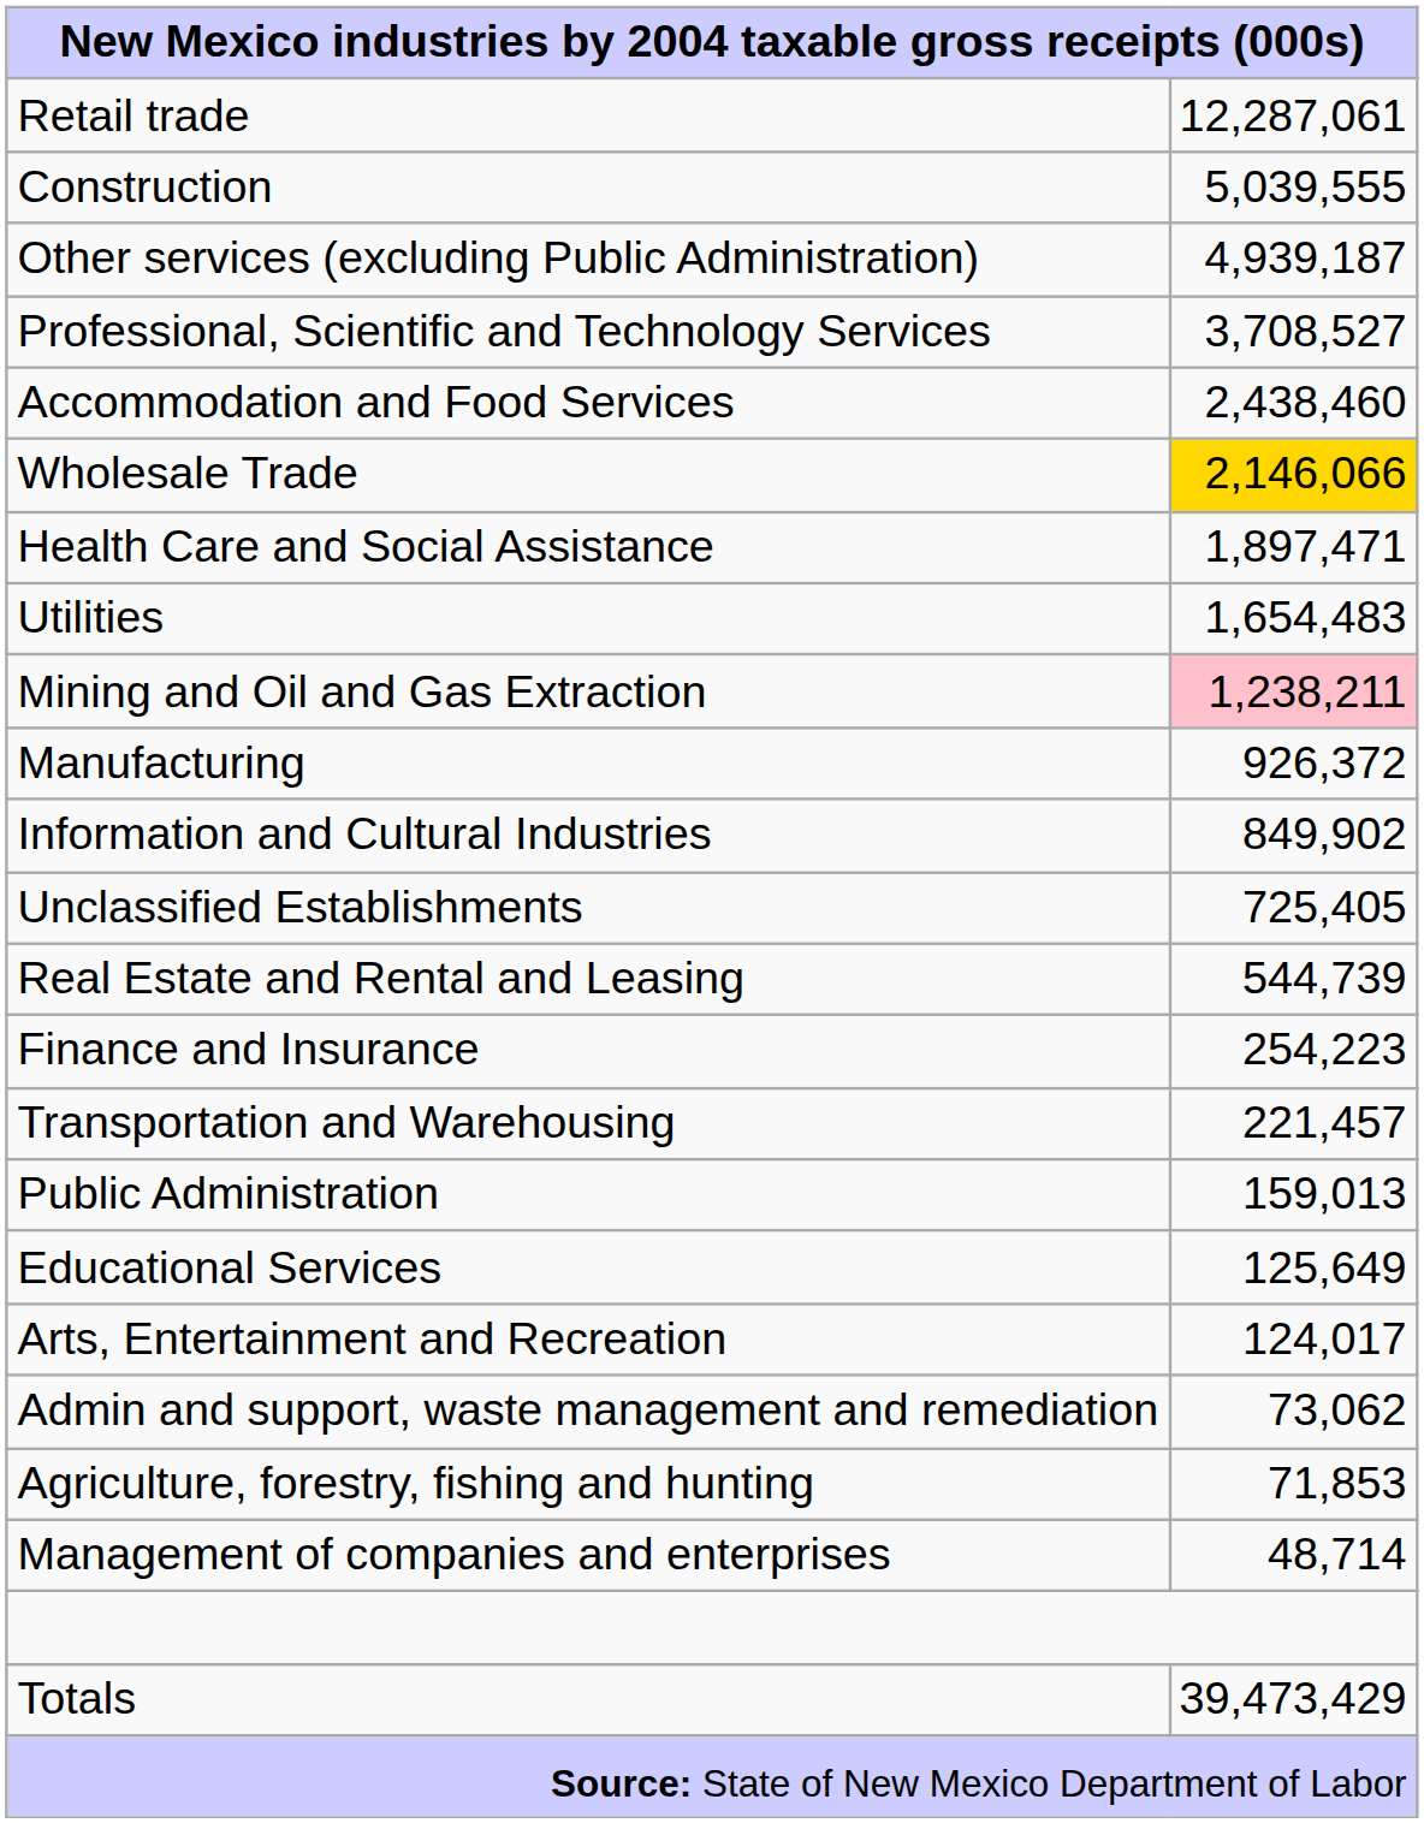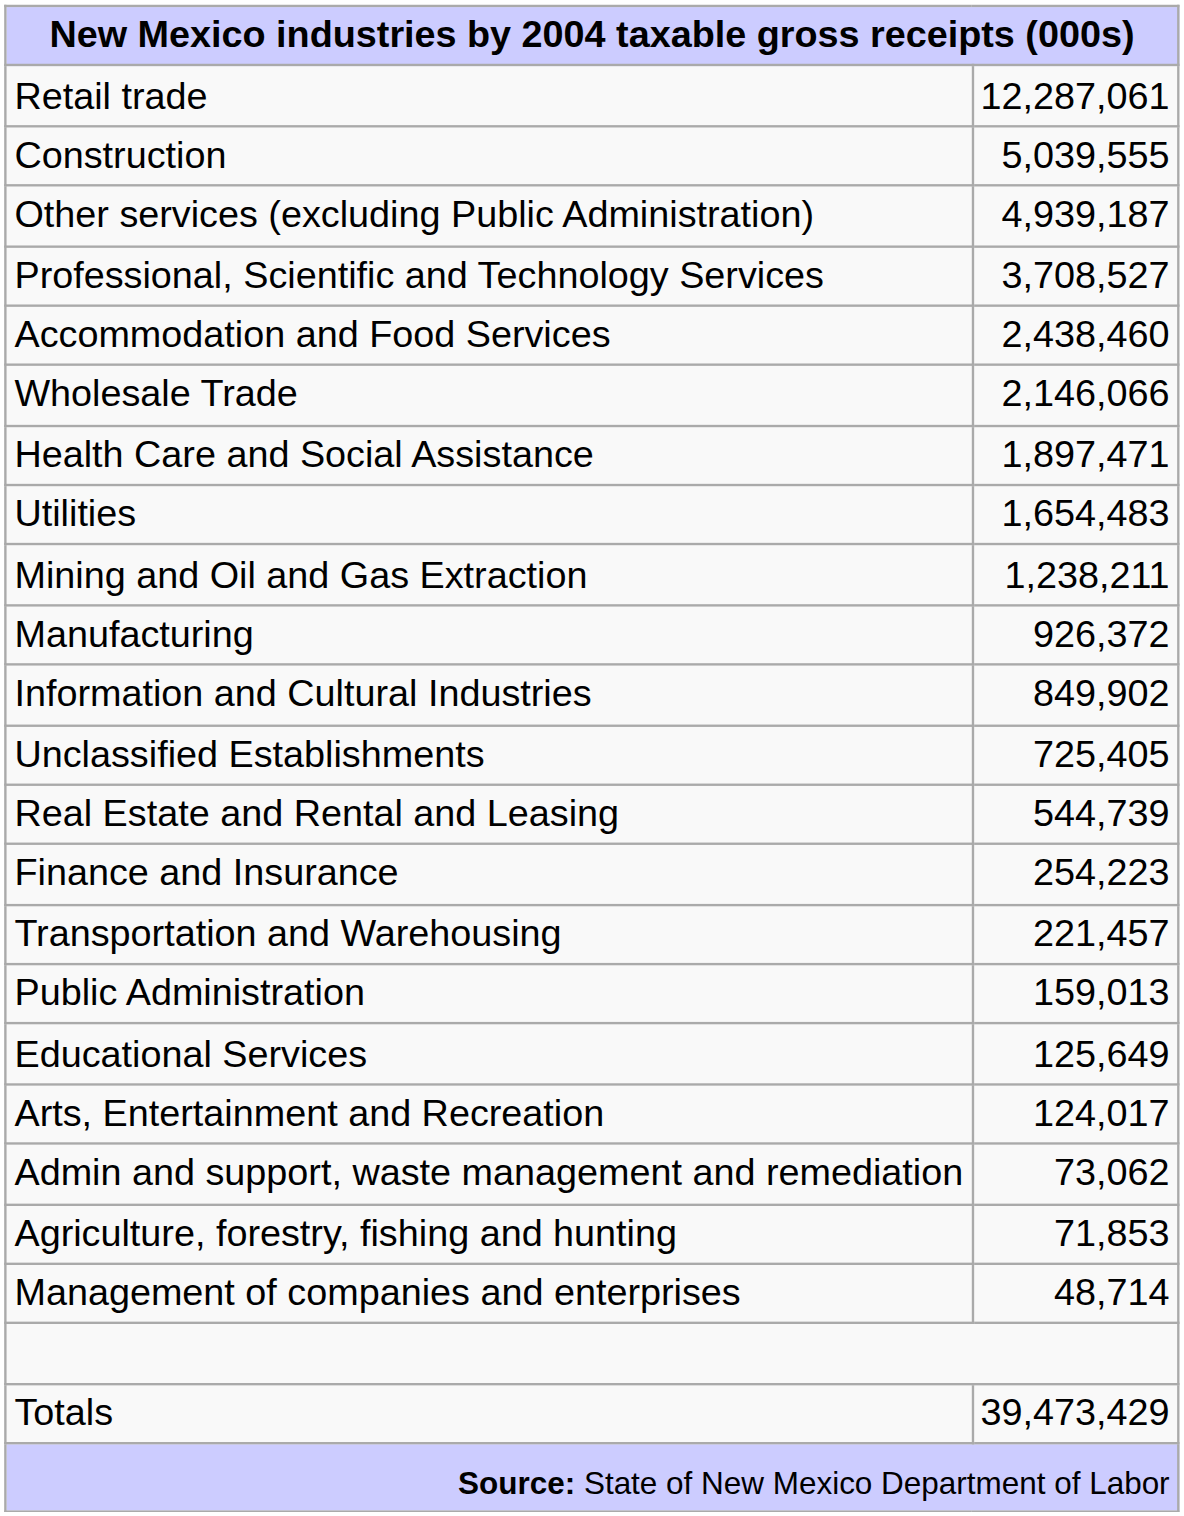 <table class="wikitable" style="float:right; clear:right; margin-left:1em">
 <tr>
 <th colspan="2"  style="background:#ccf; text-align:center;">New Mexico industries by 2004 taxable gross receipts (000s)</th>
 </tr>
 <tr>
 <td>Retail trade</td>
 <td style="text-align:right;">12,287,061</td>
 </tr>
 <tr>
 <td>Construction</td>
 <td style="text-align:right;">5,039,555</td>
 </tr>
 <tr>
 <td>Other services (excluding Public Administration)</td>
 <td style="text-align:right;">4,939,187</td>
 </tr>
 <tr>
 <td>Professional, Scientific and Technology Services</td>
 <td style="text-align:right;">3,708,527</td>
 </tr>
 <tr>
 <td>Accommodation and Food Services</td>
 <td style="text-align:right;">2,438,460</td>
 </tr>
 <tr>
 <td>Wholesale Trade</td>
-<td style="background: gold; text-align:right;">2,146,066</td>
+<td style="text-align:right;">2,146,066</td>
 </tr>
 <tr>
 <td>Health Care and Social Assistance</td>
 <td style="text-align:right;">1,897,471</td>
 </tr>
 <tr>
 <td>Utilities</td>
 <td style="text-align:right;">1,654,483</td>
 </tr>
 <tr>
 <td>Mining and Oil and Gas Extraction</td>
-<td style="background: pink; text-align:right;">1,238,211</td>
+<td style="text-align:right;">1,238,211</td>
 </tr>
 <tr>
 <td>Manufacturing</td>
 <td style="text-align:right;">926,372</td>
 </tr>
 <tr>
 <td>Information and Cultural Industries</td>
 <td style="text-align:right;">849,902</td>
 </tr>
 <tr>
 <td>Unclassified Establishments</td>
 <td style="text-align:right;">725,405</td>
 </tr>
 <tr>
 <td>Real Estate and Rental and Leasing</td>
 <td style="text-align:right;">544,739</td>
 </tr>
 <tr>
 <td>Finance and Insurance</td>
 <td style="text-align:right;">254,223</td>
 </tr>
 <tr>
 <td>Transportation and Warehousing</td>
 <td style="text-align:right;">221,457</td>
 </tr>
 <tr>
 <td>Public Administration</td>
 <td style="text-align:right;">159,013</td>
 </tr>
 <tr>
 <td>Educational Services</td>
 <td style="text-align:right;">125,649</td>
 </tr>
 <tr>
 <td>Arts, Entertainment and Recreation</td>
 <td style="text-align:right;">124,017</td>
 </tr>
 <tr>
 <td>Admin and support, waste management and remediation</td>
 <td style="text-align:right;">73,062</td>
 </tr>
 <tr>
 <td>Agriculture, forestry, fishing and hunting</td>
 <td style="text-align:right;">71,853</td>
 </tr>
 <tr>
 <td>Management of companies and enterprises</td>
 <td style="text-align:right;">48,714</td>
 </tr>
 <tr>
 <td colspan=2><br></td>
 </tr>
 <tr>
 <td>Totals</td>
 <td style="text-align:right;">39,473,429</td>
 </tr>
 <tr>
 <td colspan="2"  style="background:#ccf; text-align:right;"><sub><strong>Source:</strong> State of New Mexico Department of Labor</sub></td>
 </tr>
 </table>
